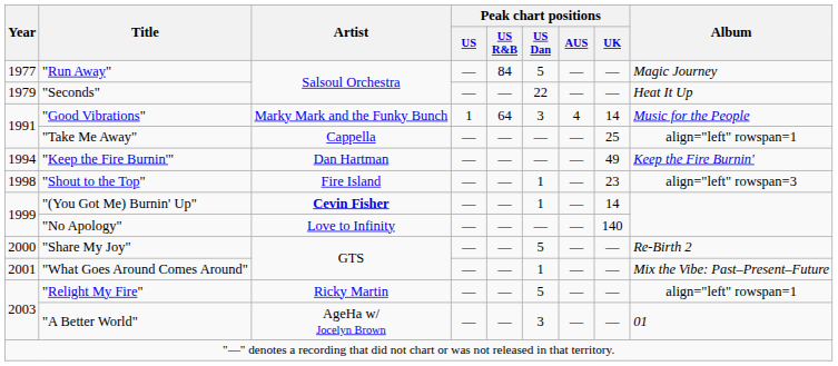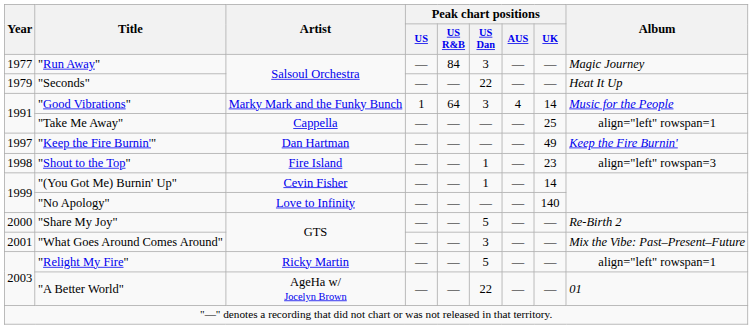 <table class="wikitable" style="text-align:center;">
 <tr>
 <th rowspan=2>Year</th>
 <th rowspan=2>Title</th>
 <th rowspan=2>Artist</th>
 <th colspan=5>Peak chart positions</th>
 <th rowspan=2>Album</th>
 </tr>
 <tr style="font-size:smaller;">
 <th width=35><a href='#'>US</a><br></th>
 <th width=35><a href='#'>US<br>R&B</a><br></th>
 <th width=35><a href='#'>US<br>Dan</a><br></th>
 <th width=35><a href='#'>AUS</a><br></th>
 <th width=35><a href='#'>UK</a><br></th>
 </tr>
 <tr>
 <td>1977</td>
 <td align=left>"<a href='#'>Run Away</a>"</td>
 <td rowspan=2><a href='#'>Salsoul Orchestra</a></td>
 <td>—</td>
 <td>84</td>
-<td>5</td>
+<td>3</td>
 <td>—</td>
 <td>—</td>
 <td align="left" rowspan=1><em>Magic Journey</em></td>
 </tr>
 <tr>
 <td>1979</td>
 <td align=left>"Seconds"</td>
 <td>—</td>
 <td>—</td>
 <td>22</td>
 <td>—</td>
 <td>—</td>
 <td align="left" rowspan=1><em>Heat It Up</em></td>
 </tr>
 <tr>
 <td rowspan=2>1991</td>
 <td align=left>"<a href='#'>Good Vibrations</a>"</td>
 <td><a href='#'>Marky Mark and the Funky Bunch</a></td>
 <td>1</td>
 <td>64</td>
 <td>3</td>
 <td>4</td>
 <td>14</td>
 <td align="left" rowspan=1><em><a href='#'>Music for the People</a></em></td>
 </tr>
 <tr>
 <td align=left>"Take Me Away"</td>
 <td><a href='#'>Cappella</a></td>
 <td>—</td>
 <td>—</td>
 <td>—</td>
 <td>—</td>
 <td>25</td>
 <td>align="left" rowspan=1 </td>
 </tr>
 <tr>
-<td rowspan=1>1994</td>
+<td rowspan=1>1997</td>
 <td align=left>"<a href='#'>Keep the Fire Burnin'</a>"</td>
 <td><a href='#'>Dan Hartman</a></td>
 <td>—</td>
 <td>—</td>
 <td>—</td>
 <td>—</td>
 <td>49</td>
 <td align="left" rowspan=1><em><a href='#'>Keep the Fire Burnin'</a></em></td>
 </tr>
 <tr>
 <td rowspan=1>1998</td>
 <td align=left>"<a href='#'>Shout to the Top</a>"</td>
 <td><a href='#'>Fire Island</a></td>
 <td>—</td>
 <td>—</td>
 <td>1</td>
 <td>—</td>
 <td>23</td>
 <td>align="left" rowspan=3 </td>
 </tr>
 <tr>
 <td rowspan=2>1999</td>
 <td align=left>"(You Got Me) Burnin' Up"</td>
-<td><strong><a href='#'>Cevin Fisher</a></strong></td>
+<td><a href='#'>Cevin Fisher</a></td>
 <td>—</td>
 <td>—</td>
 <td>1</td>
 <td>—</td>
 <td>14</td>
 </tr>
 <tr>
 <td align=left>"No Apology"</td>
 <td><a href='#'>Love to Infinity</a></td>
 <td>—</td>
 <td>—</td>
 <td>—</td>
 <td>—</td>
 <td>140</td>
 </tr>
 <tr>
 <td rowspan=1>2000</td>
 <td align=left>"Share My Joy"</td>
 <td rowspan=2>GTS</td>
 <td>—</td>
 <td>—</td>
 <td>5</td>
 <td>—</td>
 <td>—</td>
 <td align="left" rowspan=1><em>Re-Birth 2</em></td>
 </tr>
 <tr>
 <td rowspan=1>2001</td>
 <td align=left>"What Goes Around Comes Around"</td>
 <td>—</td>
 <td>—</td>
-<td>1</td>
+<td>3</td>
 <td>—</td>
 <td>—</td>
 <td align="left" rowspan=1><em>Mix the Vibe: Past–Present–Future</em></td>
 </tr>
 <tr>
 <td rowspan=2>2003</td>
 <td align=left>"<a href='#'>Relight My Fire</a>"</td>
 <td><a href='#'>Ricky Martin</a></td>
 <td>—</td>
 <td>—</td>
 <td>5</td>
 <td>—</td>
 <td>—</td>
 <td>align="left" rowspan=1 </td>
 </tr>
 <tr>
 <td align=left>"A Better World"</td>
 <td>AgeHa w/<br><small><a href='#'>Jocelyn Brown</a></small></td>
 <td>—</td>
 <td>—</td>
-<td>3</td>
+<td>22</td>
 <td>—</td>
 <td>—</td>
 <td align="left" rowspan=1><em>01</em></td>
 </tr>
 <tr>
 <td colspan=15 style="font-size:90%">"—" denotes a recording that did not chart or was not released in that territory.</td>
 </tr>
 </table>
